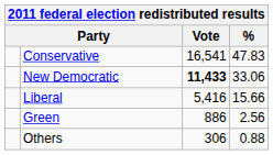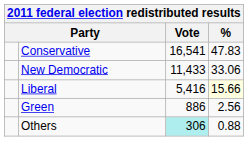 <table class="wikitable">
 <tr>
 <th colspan="4"><a href='#'>2011 federal election</a> redistributed results</th>
 </tr>
 <tr>
 <th bgcolor="#DDDDFF" width="130px" colspan="2">Party</th>
 <th bgcolor="#DDDDFF" width="50px">Vote</th>
 <th bgcolor="#DDDDFF" width="30px">%</th>
 </tr>
 <tr>
 <td> </td>
 <td><a href='#'>Conservative</a></td>
 <td align=right>16,541</td>
 <td align=right>47.83</td>
 </tr>
 <tr>
 <td> </td>
 <td><a href='#'>New Democratic</a></td>
-<td align=right><strong>11,433</strong></td>
+<td align=right>11,433</td>
 <td align=right>33.06</td>
 </tr>
 <tr>
 <td> </td>
 <td><a href='#'>Liberal</a></td>
 <td align=right>5,416</td>
-<td align=right>15.66</td>
+<td align=right style="background: lightyellow;">15.66</td>
 </tr>
 <tr>
 <td> </td>
 <td><a href='#'>Green</a></td>
 <td align=right>886</td>
 <td align=right>2.56</td>
 </tr>
 <tr>
 <td> </td>
 <td>Others</td>
-<td align=right>306</td>
+<td align=right style="background: paleturquoise;">306</td>
 <td align=right>0.88</td>
 </tr>
 </table>
